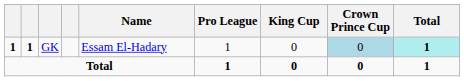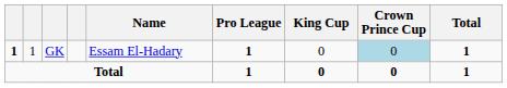 <table class="wikitable" style="text-align:center">
 <tr>
 <th width=15></th>
 <th width=15></th>
 <th width=15></th>
 <th width=15></th>
 <th width=145>Name</th>
 <th width=80>Pro League</th>
 <th width=80>King Cup</th>
 <th width=80>Crown Prince Cup</th>
 <th width=80>Total</th>
 </tr>
 <tr>
 <td><strong>1</strong></td>
-<td><strong>1</strong></td>
+<td>1</td>
 <td><a href='#'>GK</a></td>
 <td></td>
 <td align=left><a href='#'>Essam El-Hadary</a></td>
-<td>1</td>
+<td><strong>1</strong></td>
 <td>0</td>
 <td style="background: lightblue;">0</td>
-<td style="background: paleturquoise;"><strong>1</strong></td>
+<td><strong>1</strong></td>
 </tr>
 <tr>
 <td colspan=5><strong>Total</strong></td>
 <td><strong>1</strong></td>
 <td><strong>0</strong></td>
 <td><strong>0</strong></td>
 <td><strong>1</strong></td>
 </tr>
 </table>
